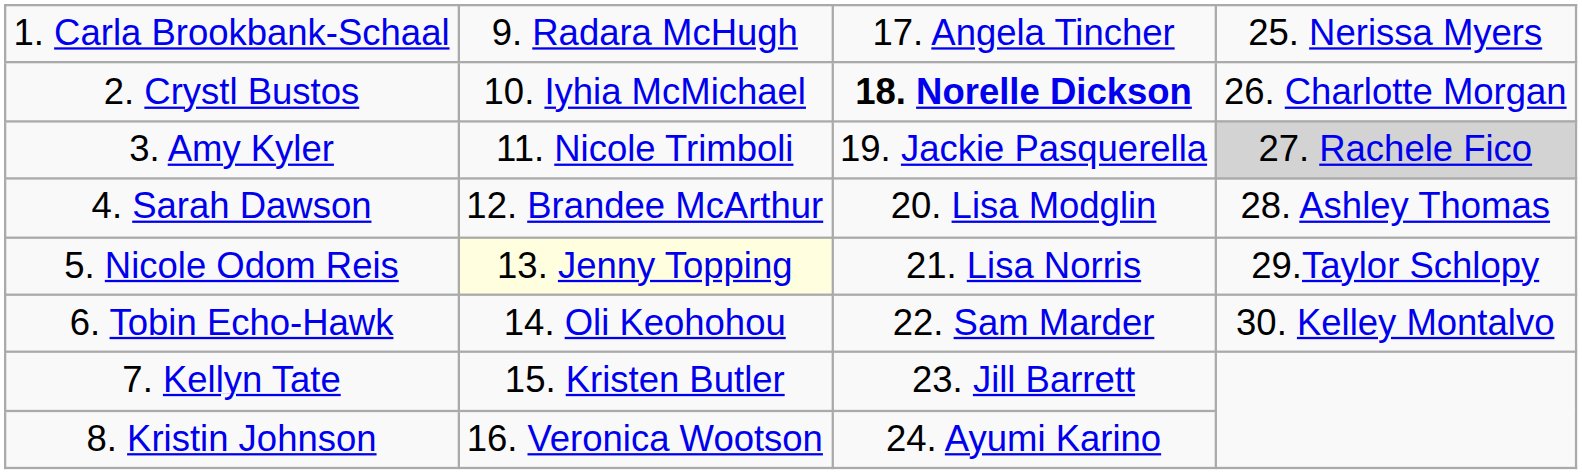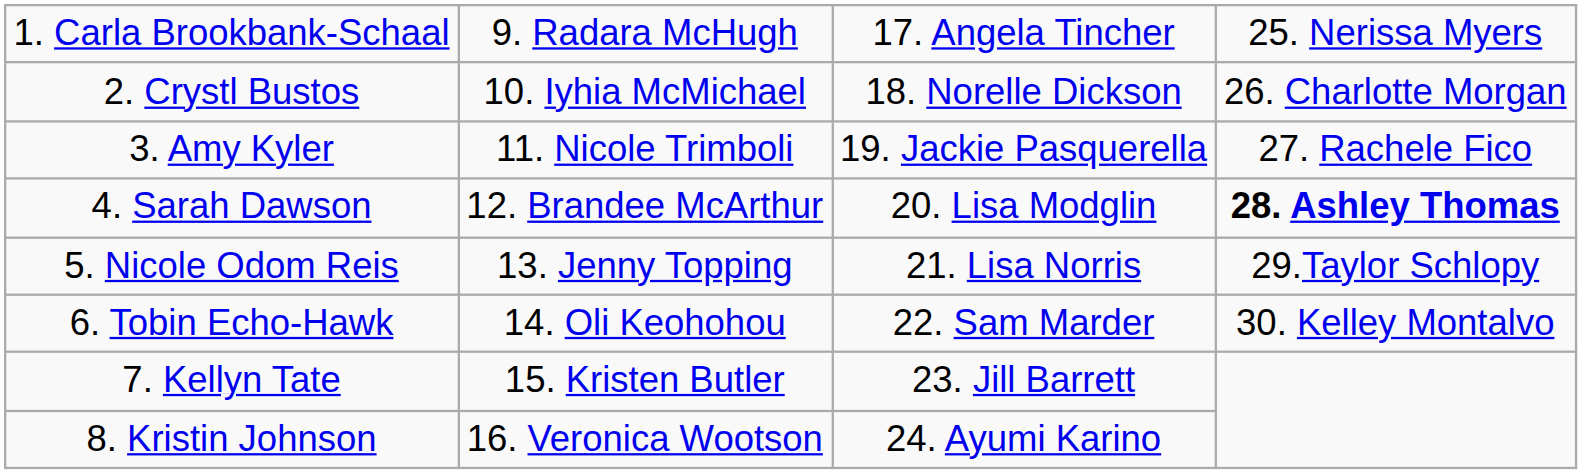 <table class="wikitable" style="text-align:center">
 <tr>
 <td>1. <a href='#'>Carla Brookbank-Schaal</a></td>
 <td>9. <a href='#'>Radara McHugh</a></td>
 <td>17. <a href='#'>Angela Tincher</a></td>
 <td>25. <a href='#'>Nerissa Myers</a></td>
 </tr>
 <tr>
 <td>2. <a href='#'>Crystl Bustos</a></td>
 <td>10. <a href='#'>Iyhia McMichael</a></td>
-<td><strong>18. <a href='#'>Norelle Dickson</a></strong></td>
+<td>18. <a href='#'>Norelle Dickson</a></td>
 <td>26. <a href='#'>Charlotte Morgan</a></td>
 </tr>
 <tr>
 <td>3. <a href='#'>Amy Kyler</a></td>
 <td>11. <a href='#'>Nicole Trimboli</a></td>
 <td>19. <a href='#'>Jackie Pasquerella</a></td>
-<td style="background: lightgrey;">27. <a href='#'>Rachele Fico</a></td>
+<td>27. <a href='#'>Rachele Fico</a></td>
 </tr>
 <tr>
 <td>4. <a href='#'>Sarah Dawson</a></td>
 <td>12. <a href='#'>Brandee McArthur</a></td>
 <td>20. <a href='#'>Lisa Modglin</a></td>
-<td>28. <a href='#'>Ashley Thomas</a></td>
+<td><strong>28. <a href='#'>Ashley Thomas</a></strong></td>
 </tr>
 <tr>
 <td>5. <a href='#'>Nicole Odom Reis</a></td>
-<td style="background: lightyellow;">13. <a href='#'>Jenny Topping</a></td>
+<td>13. <a href='#'>Jenny Topping</a></td>
 <td>21. <a href='#'>Lisa Norris</a></td>
 <td>29.<a href='#'>Taylor Schlopy</a></td>
 </tr>
 <tr>
 <td>6. <a href='#'>Tobin Echo-Hawk</a></td>
 <td>14. <a href='#'>Oli Keohohou</a></td>
 <td>22. <a href='#'>Sam Marder</a></td>
 <td>30. <a href='#'>Kelley Montalvo</a></td>
 </tr>
 <tr>
 <td>7. <a href='#'>Kellyn Tate</a></td>
 <td>15. <a href='#'>Kristen Butler</a></td>
 <td>23. <a href='#'>Jill Barrett</a></td>
 </tr>
 <tr>
 <td>8. <a href='#'>Kristin Johnson</a></td>
 <td>16. <a href='#'>Veronica Wootson</a></td>
 <td>24. <a href='#'>Ayumi Karino</a></td>
 </tr>
 </table>
